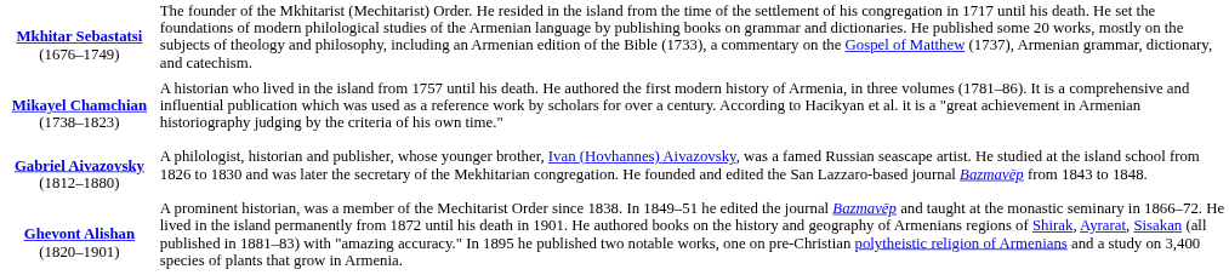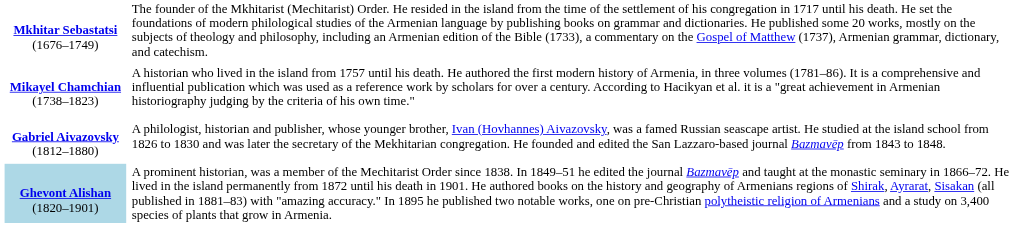 <table>
 <tr>
 <td align=center width="150"><br><strong><a href='#'>Mkhitar Sebastatsi</a></strong><br>(1676–1749)</td>
 <td></td>
 <td>The founder of the Mkhitarist (Mechitarist) Order. He resided in the island from the time of the settlement of his congregation in 1717 until his death. He set the foundations of modern philological studies of the Armenian language by publishing books on grammar and dictionaries. He published some 20 works, mostly on the subjects of theology and philosophy, including an Armenian edition of the Bible (1733), a commentary on the <a href='#'>Gospel of Matthew</a> (1737), Armenian grammar, dictionary, and catechism.</td>
 </tr>
 <tr>
 <td></td>
 </tr>
 <tr>
 <td align=center><br><strong><a href='#'>Mikayel Chamchian</a></strong> <br>(1738–1823)</td>
 <td></td>
 <td>A historian who lived in the island from 1757 until his death. He authored the first modern history of Armenia, in three volumes (1781–86). It is a comprehensive and influential publication which was used as a reference work by scholars for over a century.  According to Hacikyan et al. it is a "great achievement in Armenian historiography judging by the criteria of his own time."</td>
 </tr>
 <tr>
 <td></td>
 </tr>
 <tr>
 <td align=center><br><strong><a href='#'>Gabriel Aivazovsky</a></strong><br> (1812–1880)</td>
 <td></td>
 <td>A philologist, historian and publisher, whose younger brother, <a href='#'>Ivan (Hovhannes) Aivazovsky</a>, was a famed Russian seascape artist. He studied at the island school from 1826 to 1830 and was later the secretary of the Mekhitarian congregation. He founded and edited the San Lazzaro-based journal <em><a href='#'>Bazmavēp</a></em> from 1843 to 1848.</td>
 </tr>
 <tr>
 <td></td>
 </tr>
 <tr>
-<td align=center><br> <strong><a href='#'>Ghevont Alishan</a></strong> <br>(1820–1901)</td>
+<td align=center style="background: lightblue;"><br> <strong><a href='#'>Ghevont Alishan</a></strong> <br>(1820–1901)</td>
 <td></td>
 <td>A prominent historian, was a member of the Mechitarist Order since 1838. In 1849–51 he edited the journal <em><a href='#'>Bazmavēp</a></em> and taught at the monastic seminary in 1866–72. He lived in the island permanently from 1872 until his death in 1901. He authored books on the history and geography of Armenians regions of <a href='#'>Shirak</a>, <a href='#'>Ayrarat</a>, <a href='#'>Sisakan</a> (all published in 1881–83) with "amazing accuracy." In 1895 he published two notable works, one on pre-Christian <a href='#'>polytheistic religion of Armenians</a> and a study on 3,400 species of plants that grow in Armenia.</td>
 </tr>
 <tr>
 </tr>
 </table>
